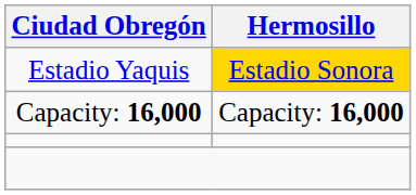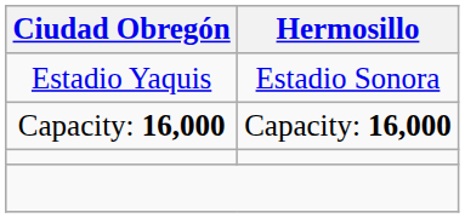 <table class="wikitable" style="text-align:center">
 <tr>
 <th><a href='#'>Ciudad Obregón</a></th>
 <th><a href='#'>Hermosillo</a></th>
 </tr>
 <tr>
 <td><a href='#'>Estadio Yaquis</a></td>
-<td style="background: gold;"><a href='#'>Estadio Sonora</a></td>
+<td><a href='#'>Estadio Sonora</a></td>
 </tr>
 <tr>
 <td>Capacity: <strong>16,000</strong></td>
 <td>Capacity: <strong>16,000</strong></td>
 </tr>
 <tr>
 <td></td>
 <td></td>
 </tr>
 <tr>
 <td colspan="2"><br></td>
 </tr>
 </table>
